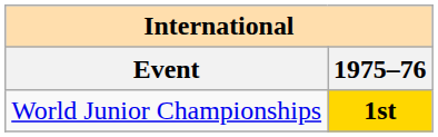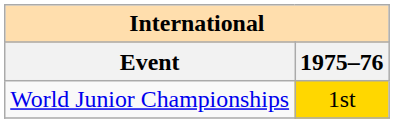 <table class="wikitable" style="text-align:center">
 <tr>
 <th style="background-color: #ffdead; " colspan=2 align=center>International</th>
 </tr>
 <tr>
 <th>Event</th>
 <th>1975–76</th>
 </tr>
 <tr>
 <td align=left><a href='#'>World Junior Championships</a></td>
-<td bgcolor=gold><strong>1st</strong></td>
+<td bgcolor=gold>1st</td>
 </tr>
 </table>
